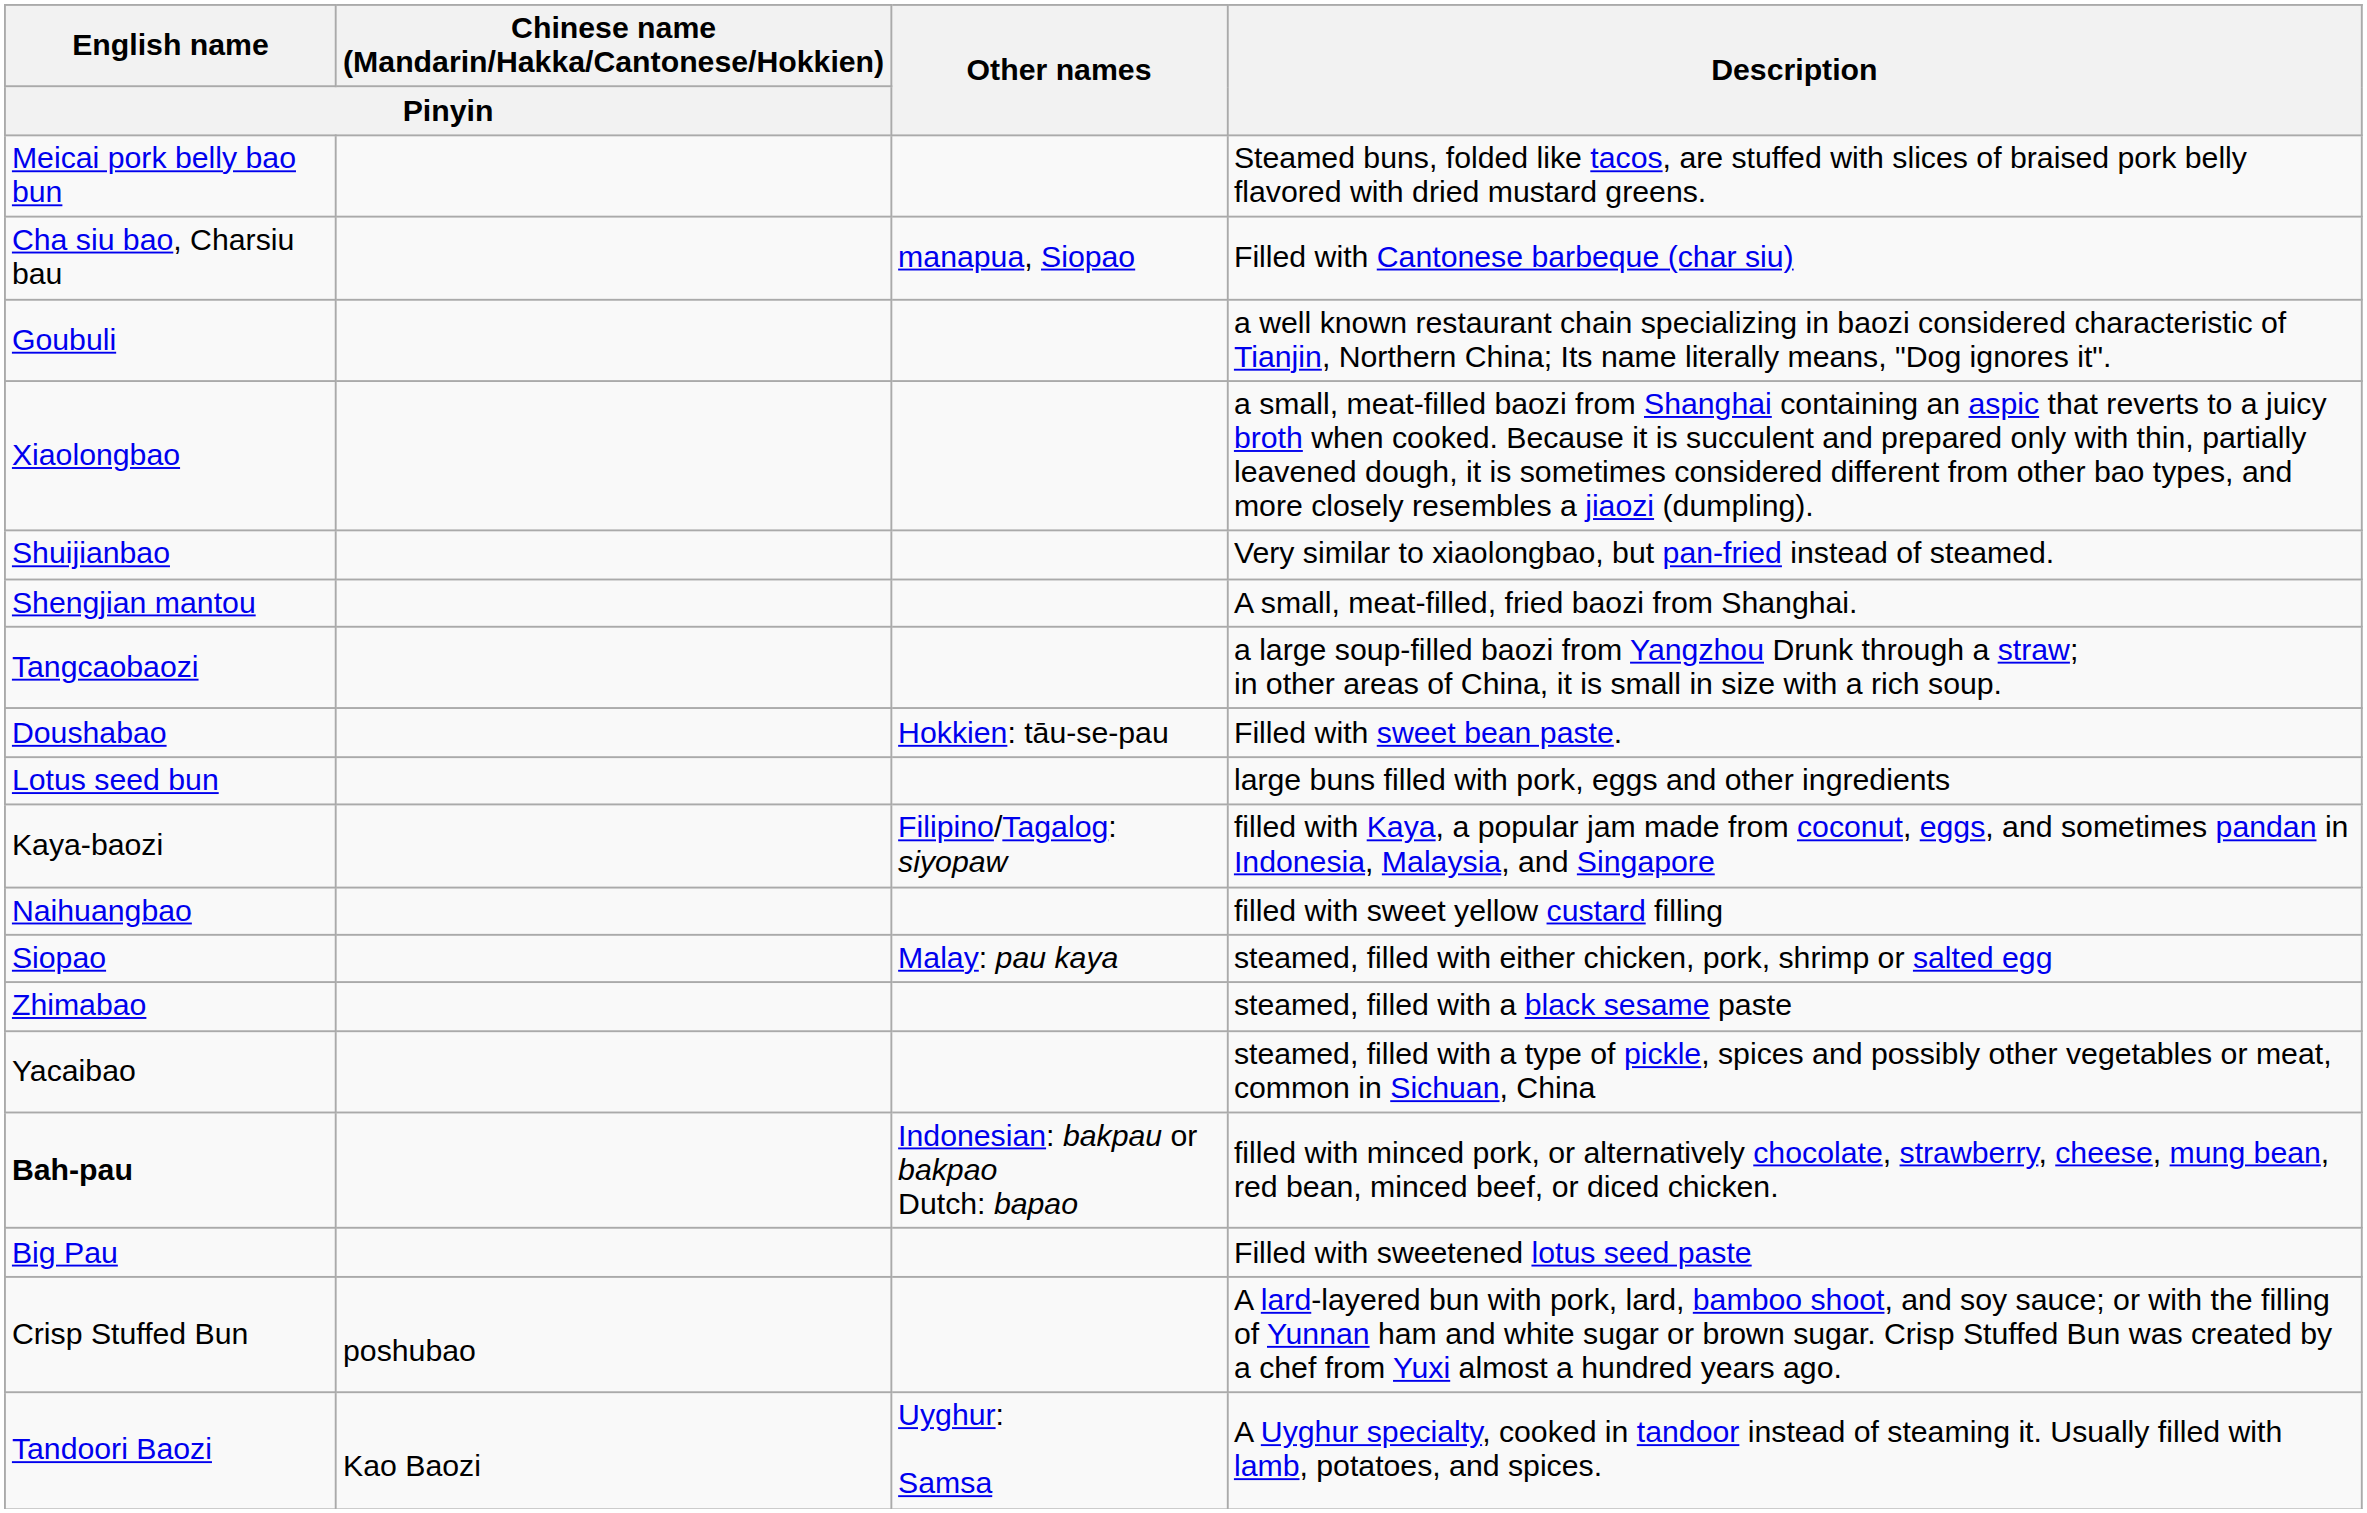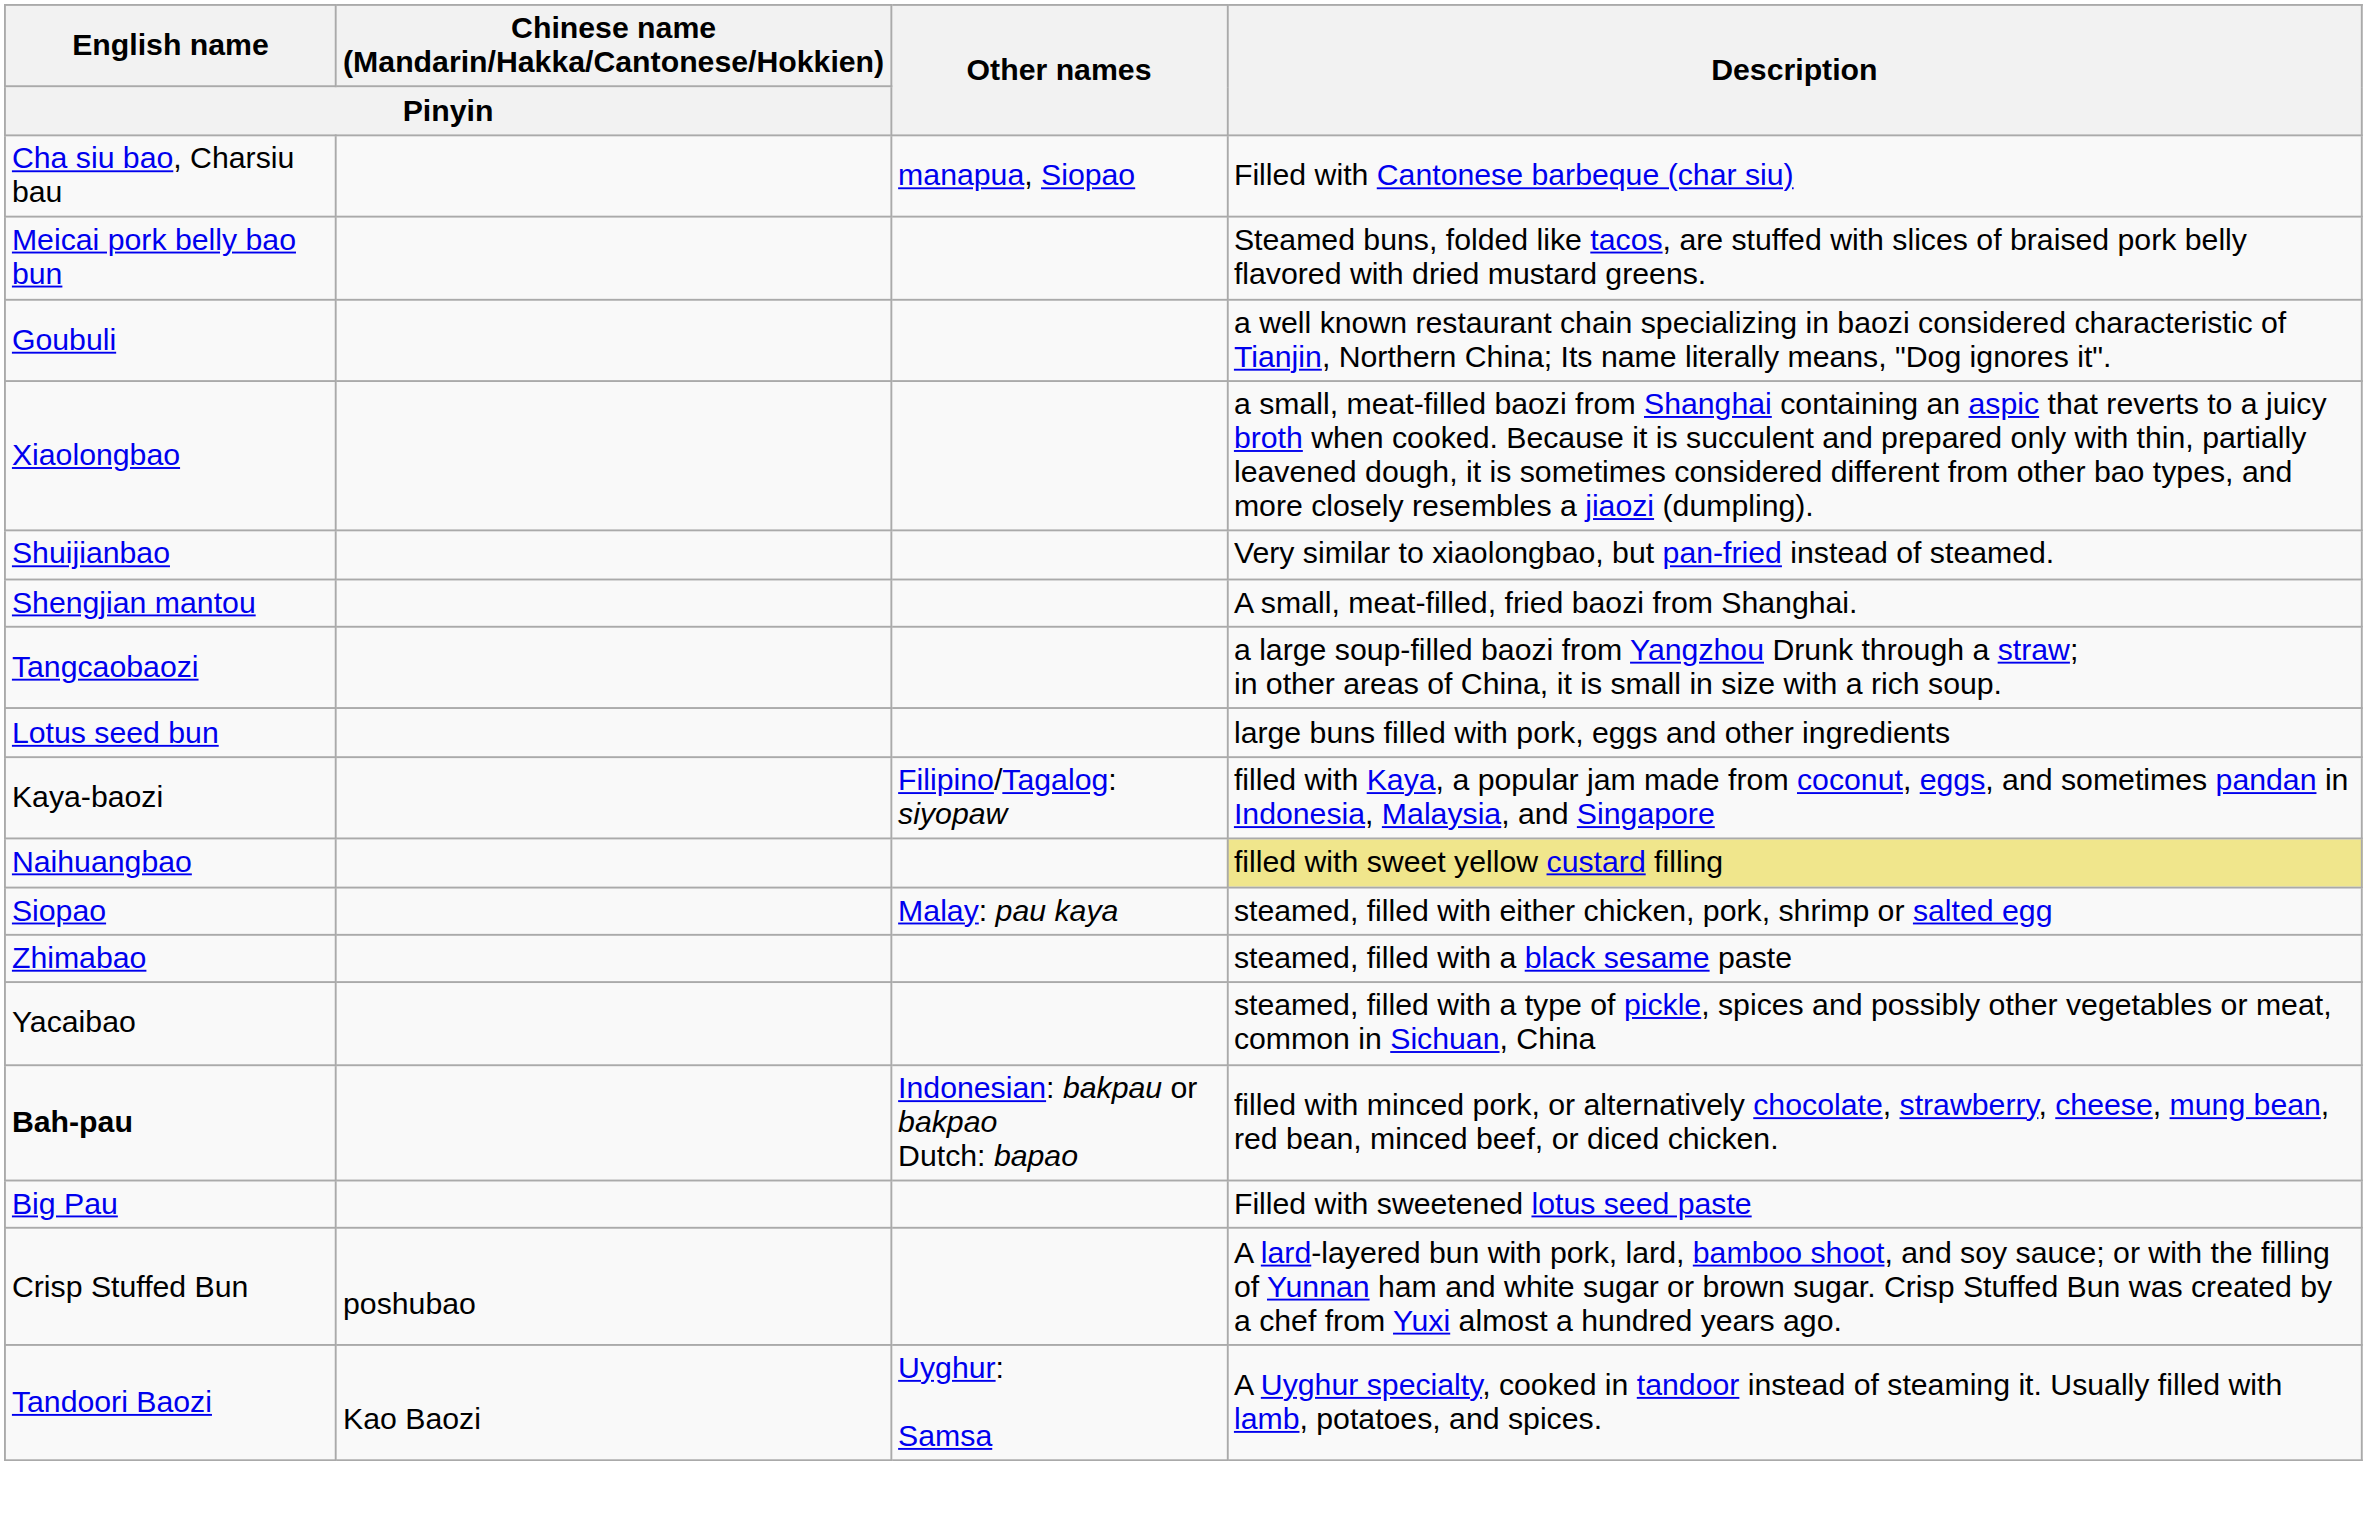 <table class="wikitable">
 <tr>
 <th width=15%>English name</th>
 <th width=15%>Chinese name<br>(<strong>Mandarin</strong>/Hakka/Cantonese/Hokkien)</th>
 <th rowspan="2" width="15%">Other names</th>
 <th rowspan="2" width="55%">Description</th>
 </tr>
 <tr>
 <th colspan="2">Pinyin</th>
 </tr>
 <tr>
+<td><a href='#'>Cha siu bao</a>, Charsiu bau</td>
+<td><br> <br> </td>
+<td><a href='#'>manapua</a>, <a href='#'>Siopao</a></td>
+<td>Filled with <a href='#'>Cantonese barbeque (char siu)</a></td>
+</tr>
+<tr>
 <td><a href='#'>Meicai pork belly bao bun</a></td>
 <td><br></td>
 <td></td>
 <td>Steamed buns, folded like <a href='#'>tacos</a>, are stuffed with slices of braised pork belly flavored with dried mustard greens.</td>
-</tr>
-<tr>
-<td><a href='#'>Cha siu bao</a>, Charsiu bau</td>
-<td><br> <br> </td>
-<td><a href='#'>manapua</a>, <a href='#'>Siopao</a></td>
-<td>Filled with <a href='#'>Cantonese barbeque (char siu)</a></td>
 </tr>
 <tr>
 <td><a href='#'>Goubuli</a></td>
 <td><br></td>
 <td></td>
 <td>a well known restaurant chain specializing in baozi considered characteristic of <a href='#'>Tianjin</a>, Northern China; Its name literally means, "Dog ignores it".</td>
 </tr>
 <tr>
 <td><a href='#'>Xiaolongbao</a></td>
 <td><br></td>
 <td></td>
 <td>a small, meat-filled baozi from <a href='#'>Shanghai</a> containing an <a href='#'>aspic</a> that reverts to a juicy <a href='#'>broth</a> when cooked. Because it is succulent and prepared only with thin, partially leavened dough, it is sometimes considered different from other bao types, and more closely resembles a <a href='#'>jiaozi</a> (dumpling).</td>
 </tr>
 <tr>
 <td><a href='#'>Shuijianbao</a></td>
 <td><br></td>
 <td></td>
 <td>Very similar to xiaolongbao, but <a href='#'>pan-fried</a> instead of steamed.</td>
 </tr>
 <tr>
 <td><a href='#'>Shengjian mantou</a></td>
 <td><br></td>
 <td></td>
 <td>A small, meat-filled, fried baozi from Shanghai.</td>
 </tr>
 <tr>
 <td><a href='#'>Tangcaobaozi</a></td>
 <td><br></td>
 <td></td>
 <td>a large soup-filled baozi from <a href='#'>Yangzhou</a> Drunk through a <a href='#'>straw</a>;<br> in other areas of China, it is small in size with a rich soup.</td>
 </tr>
 <tr>
-<td><a href='#'>Doushabao</a></td>
-<td><br></td>
-<td><a href='#'>Hokkien</a>: tāu-se-pau</td>
-<td>Filled with <a href='#'>sweet bean paste</a>.</td>
-</tr>
-<tr>
 <td><a href='#'>Lotus seed bun</a></td>
 <td><br></td>
 <td></td>
 <td>large buns filled with pork, eggs and other ingredients</td>
 </tr>
 <tr>
 <td>Kaya-baozi</td>
 <td><br></td>
 <td><a href='#'>Filipino</a>/<a href='#'>Tagalog</a>: <em>siyopaw</em></td>
 <td>filled with <a href='#'>Kaya</a>, a popular jam made from <a href='#'>coconut</a>, <a href='#'>eggs</a>, and sometimes <a href='#'>pandan</a> in <a href='#'>Indonesia</a>, <a href='#'>Malaysia</a>, and <a href='#'>Singapore</a></td>
 </tr>
 <tr>
 <td><a href='#'>Naihuangbao</a></td>
 <td><br></td>
 <td></td>
-<td>filled with sweet yellow <a href='#'>custard</a> filling</td>
+<td style="background: khaki;">filled with sweet yellow <a href='#'>custard</a> filling</td>
 </tr>
 <tr>
 <td><a href='#'>Siopao</a></td>
 <td> <br></td>
 <td><a href='#'>Malay</a>: <em>pau kaya</em></td>
 <td>steamed, filled with either chicken, pork, shrimp or <a href='#'>salted egg</a></td>
 </tr>
 <tr>
 <td><a href='#'>Zhimabao</a></td>
 <td> <br></td>
 <td></td>
 <td>steamed, filled with a <a href='#'>black sesame</a> paste</td>
 </tr>
 <tr>
 <td>Yacaibao</td>
 <td><br></td>
 <td></td>
 <td>steamed, filled with a type of <a href='#'>pickle</a>, spices and possibly other vegetables or meat, common in <a href='#'>Sichuan</a>, China</td>
 </tr>
 <tr>
 <td><strong>Bah-pau</strong></td>
 <td><br></td>
 <td><a href='#'>Indonesian</a>: <em>bakpau</em> or <em>bakpao</em><br> Dutch: <em>bapao</em></td>
 <td>filled with minced pork, or alternatively <a href='#'>chocolate</a>, <a href='#'>strawberry</a>, <a href='#'>cheese</a>, <a href='#'>mung bean</a>, red bean, minced beef, or diced chicken.</td>
 </tr>
 <tr>
 <td><a href='#'>Big Pau</a></td>
 <td><br></td>
 <td></td>
 <td>Filled with sweetened <a href='#'>lotus seed paste</a></td>
 </tr>
 <tr>
 <td>Crisp Stuffed Bun</td>
 <td><br>poshubao</td>
 <td></td>
 <td>A <a href='#'>lard</a>-layered bun with pork, lard, <a href='#'>bamboo shoot</a>, and soy sauce; or with the filling of <a href='#'>Yunnan</a> ham and white sugar or brown sugar. Crisp Stuffed Bun was created by a chef from <a href='#'>Yuxi</a> almost a hundred years ago.</td>
 </tr>
 <tr>
 <td><a href='#'>Tandoori Baozi</a></td>
 <td><br>Kao Baozi</td>
 <td><a href='#'>Uyghur</a>: <br><br><a href='#'>Samsa</a></td>
 <td>A <a href='#'>Uyghur specialty</a>, cooked in <a href='#'>tandoor</a> instead of steaming it. Usually filled with <a href='#'>lamb</a>, potatoes, and spices.</td>
 </tr>
 </table>
